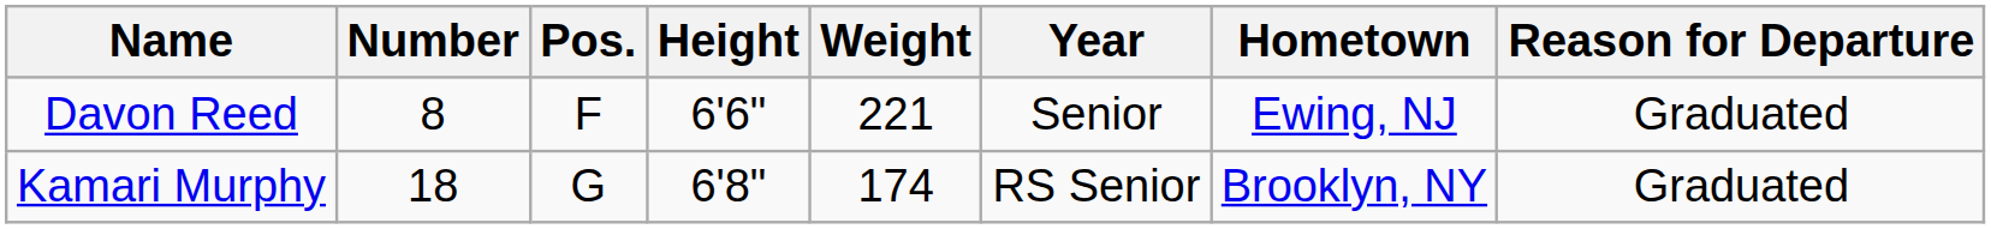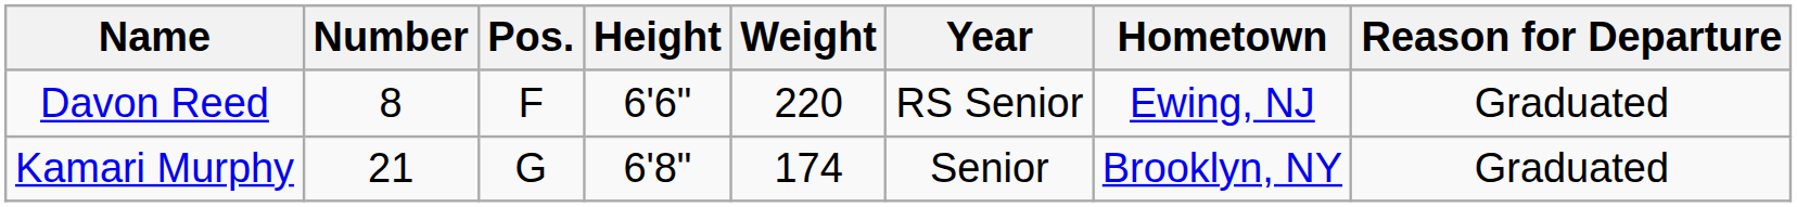 <table class="wikitable sortable" border="1" style="text-align:center;">
 <tr align=center>
 <th>Name</th>
 <th>Number</th>
 <th>Pos.</th>
 <th>Height</th>
 <th>Weight</th>
 <th>Year</th>
 <th>Hometown</th>
 <th>Reason for Departure</th>
 </tr>
 <tr>
 <td><a href='#'>Davon Reed</a></td>
 <td>8</td>
 <td>F</td>
 <td>6'6"</td>
-<td>221</td>
-<td>Senior</td>
+<td>220</td>
+<td>RS Senior</td>
 <td><a href='#'>Ewing, NJ</a></td>
 <td>Graduated</td>
 </tr>
 <tr>
 <td><a href='#'>Kamari Murphy</a></td>
-<td>18</td>
+<td>21</td>
 <td>G</td>
 <td>6'8"</td>
 <td>174</td>
-<td>RS Senior</td>
+<td>Senior</td>
 <td><a href='#'>Brooklyn, NY</a></td>
 <td>Graduated</td>
 </tr>
 </table>
